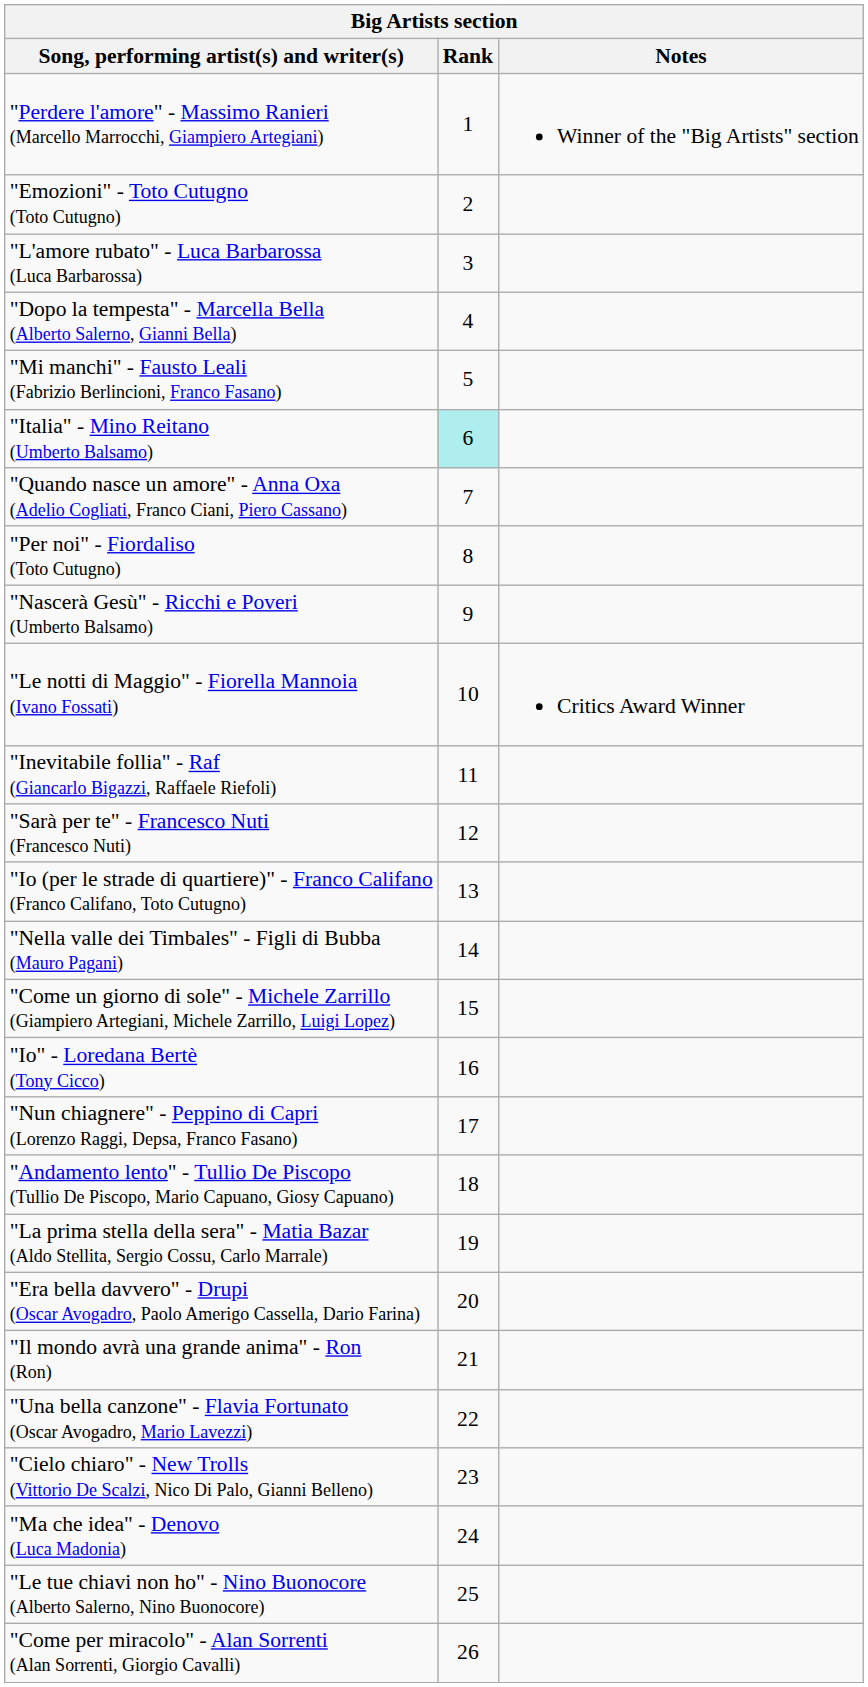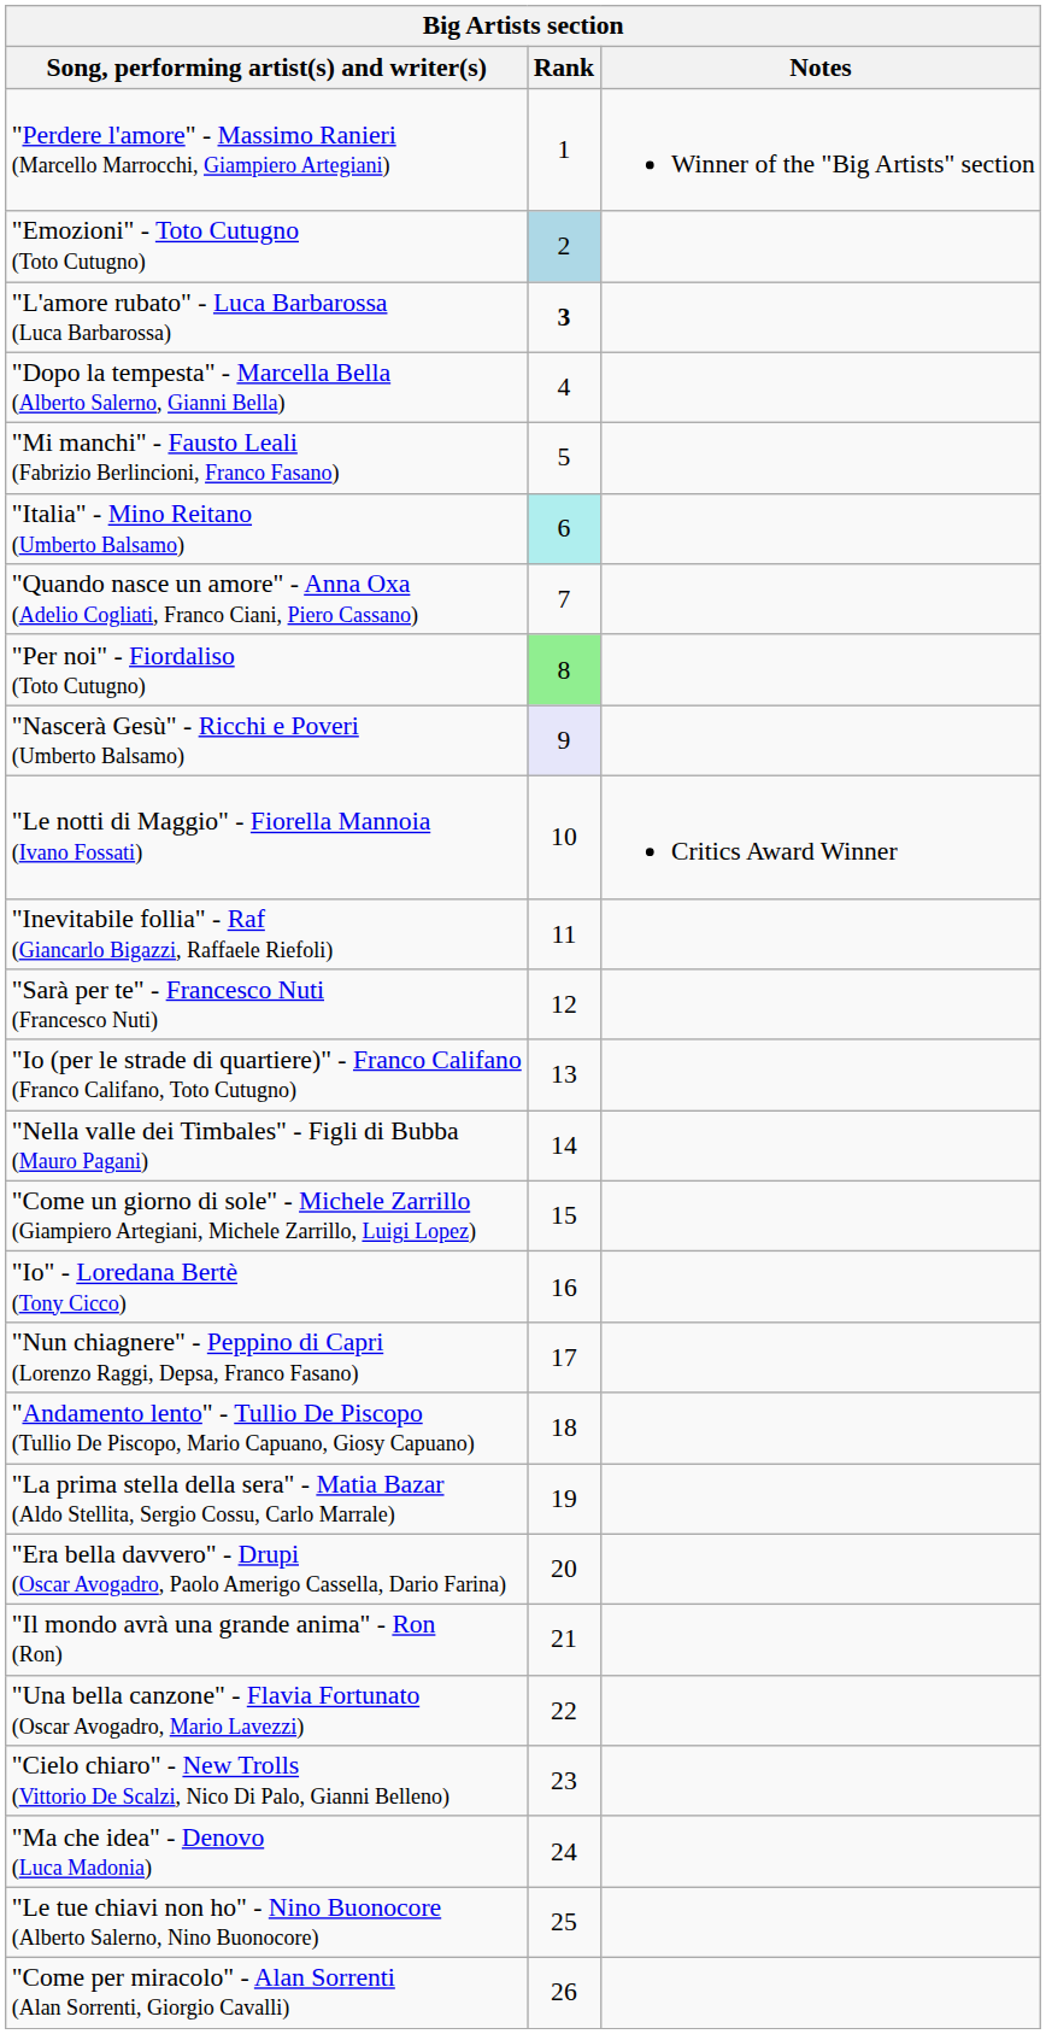 <table class="plainrowheaders wikitable">
 <tr>
 <th colspan="3">Big Artists section </th>
 </tr>
 <tr>
 <th>Song, performing artist(s) and writer(s)</th>
 <th>Rank</th>
 <th>Notes</th>
 </tr>
 <tr>
 <td>"<a href='#'>Perdere l'amore</a>" -  <a href='#'>Massimo Ranieri</a> <br><small>(Marcello Marrocchi, <a href='#'>Giampiero Artegiani</a>)</small></td>
 <td align="center">1</td>
 <td><br><ul><li>Winner of the "Big Artists" section</li></ul></td>
 </tr>
 <tr>
 <td>"Emozioni" - <a href='#'>Toto Cutugno</a><br><small>(Toto Cutugno)</small></td>
-<td align="center">2</td>
+<td align="center" style="background: lightblue;">2</td>
 <td></td>
 </tr>
 <tr>
 <td>"L'amore rubato" -  <a href='#'>Luca Barbarossa</a><br><small>(Luca Barbarossa)</small></td>
-<td align="center">3</td>
+<td align="center"><strong>3</strong></td>
 <td></td>
 </tr>
 <tr>
 <td>"Dopo la tempesta" -  <a href='#'>Marcella Bella</a><br> <small>(<a href='#'>Alberto Salerno</a>, <a href='#'>Gianni Bella</a>)</small></td>
 <td align="center">4</td>
 <td></td>
 </tr>
 <tr>
 <td>"Mi manchi" - <a href='#'>Fausto Leali</a><br> <small>(Fabrizio Berlincioni, <a href='#'>Franco Fasano</a>)</small></td>
 <td align="center">5</td>
 <td></td>
 </tr>
 <tr>
 <td>"Italia" - <a href='#'>Mino Reitano</a>  <br><small>(<a href='#'>Umberto Balsamo</a>)</small></td>
 <td align="center" style="background: paleturquoise;">6</td>
 <td></td>
 </tr>
 <tr>
 <td>"Quando nasce un amore" -  <a href='#'>Anna Oxa </a><br> <small>(<a href='#'>Adelio Cogliati</a>, Franco Ciani, <a href='#'>Piero Cassano</a>)</small></td>
 <td align="center">7</td>
 <td></td>
 </tr>
 <tr>
 <td>"Per noi" - <a href='#'>Fiordaliso</a><br><small>(Toto Cutugno)  </small></td>
-<td align="center">8</td>
+<td align="center" style="background: lightgreen;">8</td>
 <td></td>
 </tr>
 <tr>
 <td>"Nascerà Gesù" - <a href='#'>Ricchi e Poveri</a><br><small>(Umberto Balsamo)  </small></td>
-<td align="center">9</td>
+<td align="center" style="background: lavender;">9</td>
 <td></td>
 </tr>
 <tr>
 <td>"Le notti di Maggio" -  <a href='#'>Fiorella Mannoia </a><br><small>(<a href='#'>Ivano Fossati</a>)</small></td>
 <td align="center">10</td>
 <td><br><ul><li>Critics Award Winner</li></ul></td>
 </tr>
 <tr>
 <td>"Inevitabile follia" -  <a href='#'>Raf</a><br> <small>(<a href='#'>Giancarlo Bigazzi</a>, Raffaele Riefoli) </small></td>
 <td align="center">11</td>
 <td></td>
 </tr>
 <tr>
 <td>"Sarà per te" - <a href='#'>Francesco Nuti</a><br><small> (Francesco Nuti)</small></td>
 <td align="center">12</td>
 <td></td>
 </tr>
 <tr>
 <td>"Io (per le strade di quartiere)" - <a href='#'>Franco Califano</a><br><small>(Franco Califano, Toto Cutugno) </small></td>
 <td align="center">13</td>
 <td></td>
 </tr>
 <tr>
 <td>"Nella valle dei Timbales" -  Figli di Bubba<br><small> (<a href='#'>Mauro Pagani</a>) </small></td>
 <td align="center">14</td>
 <td></td>
 </tr>
 <tr>
 <td>"Come un giorno di sole" - <a href='#'>Michele Zarrillo</a><br> <small>(Giampiero Artegiani, Michele Zarrillo, <a href='#'>Luigi Lopez</a>) </small></td>
 <td align="center">15</td>
 <td></td>
 </tr>
 <tr>
 <td>"Io" -  <a href='#'>Loredana Bertè</a> <br><small>(<a href='#'>Tony Cicco</a>)</small></td>
 <td align="center">16</td>
 <td></td>
 </tr>
 <tr>
 <td>"Nun chiagnere" - <a href='#'>Peppino di Capri</a> <br><small>(Lorenzo Raggi, Depsa, Franco Fasano) </small></td>
 <td align="center">17</td>
 <td></td>
 </tr>
 <tr>
 <td>"<a href='#'>Andamento lento</a>" - <a href='#'>Tullio De Piscopo</a><br> <small> (Tullio De Piscopo, Mario Capuano, Giosy Capuano) </small></td>
 <td align="center">18</td>
 <td></td>
 </tr>
 <tr>
 <td>"La prima stella della sera" - <a href='#'>Matia Bazar</a>  <br><small> (Aldo Stellita, Sergio Cossu, Carlo Marrale)  </small></td>
 <td align="center">19</td>
 <td></td>
 </tr>
 <tr>
 <td>"Era bella davvero" - <a href='#'>Drupi</a><br><small> (<a href='#'>Oscar Avogadro</a>, Paolo Amerigo Cassella, Dario Farina)  </small></td>
 <td align="center">20</td>
 <td></td>
 </tr>
 <tr>
 <td>"Il mondo avrà una grande anima" - <a href='#'>Ron</a> <br><small>(Ron)</small></td>
 <td align="center">21</td>
 <td></td>
 </tr>
 <tr>
 <td>"Una bella canzone" -   <a href='#'>Flavia Fortunato</a> <br><small>(Oscar Avogadro, <a href='#'>Mario Lavezzi</a>)</small></td>
 <td align="center">22</td>
 <td></td>
 </tr>
 <tr>
 <td>"Cielo chiaro" - <a href='#'>New Trolls</a><br><small>(<a href='#'>Vittorio De Scalzi</a>, Nico Di Palo, Gianni Belleno) </small></td>
 <td align="center">23</td>
 <td></td>
 </tr>
 <tr>
 <td>"Ma che idea" - <a href='#'>Denovo</a> <br><small>(<a href='#'>Luca Madonia</a>)</small></td>
 <td align="center">24</td>
 <td></td>
 </tr>
 <tr>
 <td>"Le tue chiavi non ho" - <a href='#'>Nino Buonocore</a> <br><small>(Alberto Salerno, Nino Buonocore)</small></td>
 <td align="center">25</td>
 <td></td>
 </tr>
 <tr>
 <td>"Come per miracolo" - <a href='#'>Alan Sorrenti</a> <br><small>(Alan Sorrenti, Giorgio Cavalli) </small></td>
 <td align="center">26</td>
 <td></td>
 </tr>
 <tr>
 </tr>
 </table>
